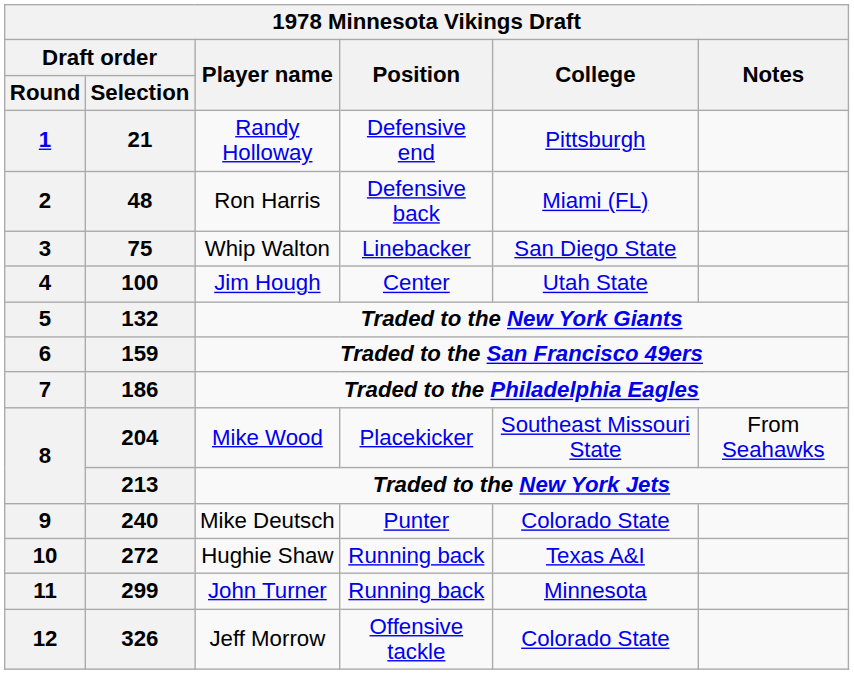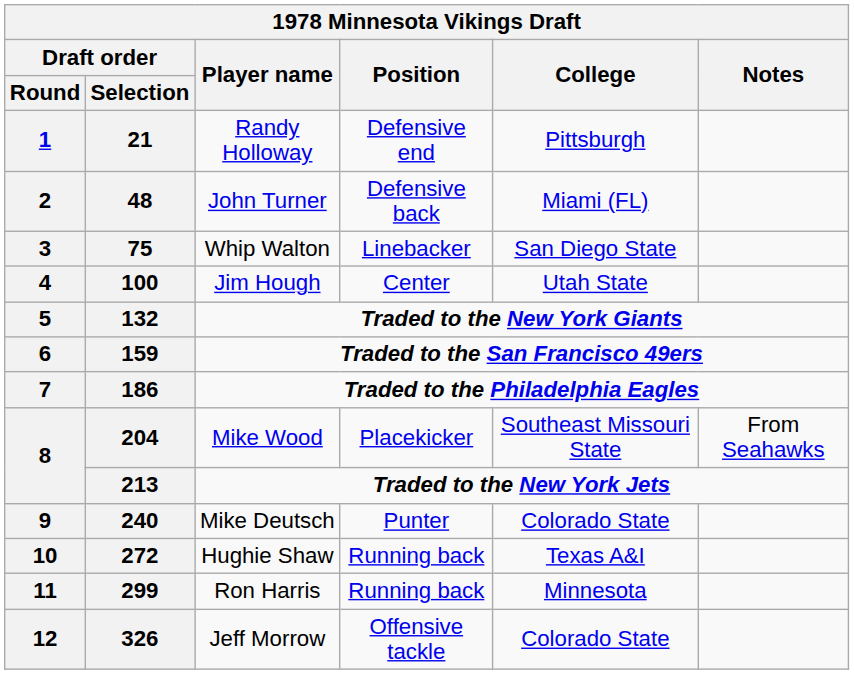 <table class="wikitable" style="text-align:center">
 <tr>
 <th colspan="6">1978 Minnesota Vikings Draft</th>
 </tr>
 <tr>
 <th colspan="2">Draft order</th>
 <th rowspan="2">Player name</th>
 <th rowspan="2">Position</th>
 <th rowspan="2">College</th>
 <th rowspan="2">Notes</th>
 </tr>
 <tr>
 <th>Round</th>
 <th>Selection</th>
 </tr>
 <tr>
 <th><a href='#'>1</a></th>
 <th>21</th>
 <td><a href='#'>Randy Holloway</a></td>
 <td><a href='#'>Defensive end</a></td>
 <td><a href='#'>Pittsburgh</a></td>
 <td></td>
 </tr>
 <tr>
 <th>2</th>
 <th>48</th>
-<td>Ron Harris</td>
+<td><a href='#'>John Turner</a></td>
 <td><a href='#'>Defensive back</a></td>
 <td><a href='#'>Miami (FL)</a></td>
 <td></td>
 </tr>
 <tr>
 <th>3</th>
 <th>75</th>
 <td>Whip Walton</td>
 <td><a href='#'>Linebacker</a></td>
 <td><a href='#'>San Diego State</a></td>
 <td></td>
 </tr>
 <tr>
 <th>4</th>
 <th>100</th>
 <td><a href='#'>Jim Hough</a></td>
 <td><a href='#'>Center</a></td>
 <td><a href='#'>Utah State</a></td>
 <td></td>
 </tr>
 <tr>
 <th>5</th>
 <th>132</th>
 <td colspan="4"><strong><em>Traded to the <a href='#'>New York Giants</a></em></strong></td>
 </tr>
 <tr>
 <th>6</th>
 <th>159</th>
 <td colspan="4"><strong><em>Traded to the <a href='#'>San Francisco 49ers</a></em></strong></td>
 </tr>
 <tr>
 <th>7</th>
 <th>186</th>
 <td colspan="4"><strong><em>Traded to the <a href='#'>Philadelphia Eagles</a></em></strong></td>
 </tr>
 <tr>
 <th rowspan="2">8</th>
 <th>204</th>
 <td><a href='#'>Mike Wood</a></td>
 <td><a href='#'>Placekicker</a></td>
 <td><a href='#'>Southeast Missouri State</a></td>
 <td>From <a href='#'>Seahawks</a></td>
 </tr>
 <tr>
 <th>213</th>
 <td colspan="4"><strong><em>Traded to the <a href='#'>New York Jets</a></em></strong></td>
 </tr>
 <tr>
 <th>9</th>
 <th>240</th>
 <td>Mike Deutsch</td>
 <td><a href='#'>Punter</a></td>
 <td><a href='#'>Colorado State</a></td>
 <td></td>
 </tr>
 <tr>
 <th>10</th>
 <th>272</th>
 <td>Hughie Shaw</td>
 <td><a href='#'>Running back</a></td>
 <td><a href='#'>Texas A&I</a></td>
 <td></td>
 </tr>
 <tr>
 <th>11</th>
 <th>299</th>
-<td><a href='#'>John Turner</a></td>
+<td>Ron Harris</td>
 <td><a href='#'>Running back</a></td>
 <td><a href='#'>Minnesota</a></td>
 <td></td>
 </tr>
 <tr>
 <th>12</th>
 <th>326</th>
 <td>Jeff Morrow</td>
 <td><a href='#'>Offensive tackle</a></td>
 <td><a href='#'>Colorado State</a></td>
 <td></td>
 </tr>
 </table>
